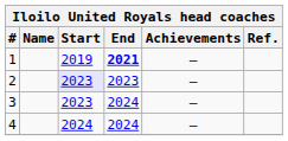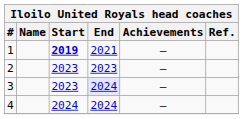 <table class="wikitable sortable">
 <tr>
 <th colspan="6">Iloilo United Royals head coaches</th>
 </tr>
 <tr>
 <th>#</th>
 <th>Name</th>
 <th>Start</th>
 <th>End</th>
 <th>Achievements</th>
 <th>Ref.</th>
 </tr>
 <tr>
 <td align=center>1</td>
 <td></td>
-<td><a href='#'>2019</a></td>
-<td><strong><a href='#'>2021</a></strong></td>
+<td><strong><a href='#'>2019</a></strong></td>
+<td><a href='#'>2021</a></td>
 <td align=center>—</td>
 <td></td>
 </tr>
 <tr>
 <td align=center>2</td>
 <td></td>
-<td style="background: lavender;"><a href='#'>2023</a></td>
+<td><a href='#'>2023</a></td>
 <td><a href='#'>2023</a></td>
 <td align=center>—</td>
 <td></td>
 </tr>
 <tr>
 <td align=center>3</td>
 <td></td>
 <td><a href='#'>2023</a></td>
-<td><a href='#'>2024</a></td>
+<td style="background: lavender;"><a href='#'>2024</a></td>
 <td align=center>—</td>
 <td></td>
 </tr>
 <tr>
 <td align=center>4</td>
 <td></td>
 <td><a href='#'>2024</a></td>
 <td><a href='#'>2024</a></td>
 <td align=center>—</td>
 <td></td>
 </tr>
 <tr>
 </tr>
 </table>
